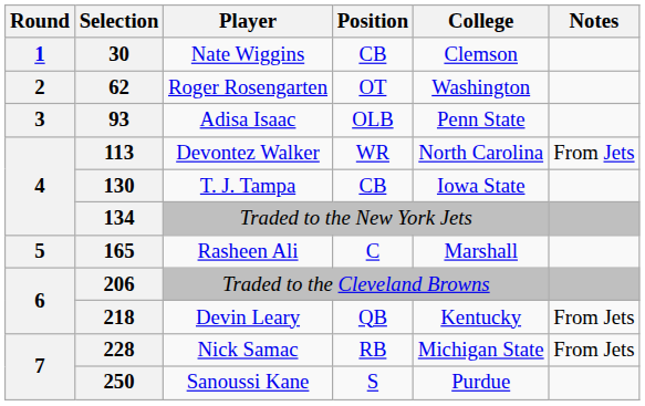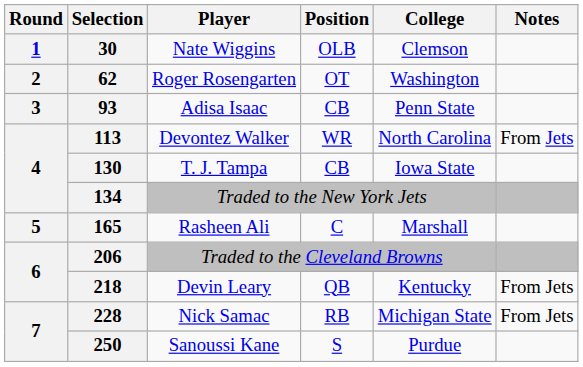 <table class="wikitable" style="text-align:center">
 <tr>
 <th>Round</th>
 <th>Selection</th>
 <th>Player</th>
 <th>Position</th>
 <th>College</th>
 <th>Notes</th>
 </tr>
 <tr>
 <th><a href='#'>1</a></th>
 <th>30</th>
 <td><a href='#'>Nate Wiggins</a></td>
-<td><a href='#'>CB</a></td>
+<td><a href='#'>OLB</a></td>
 <td><a href='#'>Clemson</a></td>
 <td></td>
 </tr>
 <tr>
 <th>2</th>
 <th>62</th>
 <td><a href='#'>Roger Rosengarten</a></td>
 <td><a href='#'>OT</a></td>
 <td><a href='#'>Washington</a></td>
 <td></td>
 </tr>
 <tr>
 <th>3</th>
 <th>93</th>
 <td><a href='#'>Adisa Isaac</a></td>
-<td><a href='#'>OLB</a></td>
+<td><a href='#'>CB</a></td>
 <td><a href='#'>Penn State</a></td>
 <td></td>
 </tr>
 <tr>
 <th rowspan="3">4</th>
 <th>113</th>
 <td><a href='#'>Devontez Walker</a></td>
 <td><a href='#'>WR</a></td>
 <td><a href='#'>North Carolina</a></td>
 <td>From <a href='#'>Jets</a></td>
 </tr>
 <tr>
 <th>130</th>
 <td><a href='#'>T. J. Tampa</a></td>
 <td><a href='#'>CB</a></td>
 <td><a href='#'>Iowa State</a></td>
 <td></td>
 </tr>
 <tr>
 <th>134</th>
 <td colspan="3" style="background:#BFBFBF"><em>Traded to the New York Jets</em></td>
 <td style="background:#BFBFBF"></td>
 </tr>
 <tr>
 <th>5</th>
 <th>165</th>
 <td><a href='#'>Rasheen Ali</a></td>
 <td><a href='#'>C</a></td>
 <td><a href='#'>Marshall</a></td>
 <td></td>
 </tr>
 <tr>
 <th rowspan="2">6</th>
 <th>206</th>
 <td colspan="3" style="background:#BFBFBF"><em>Traded to the <a href='#'>Cleveland Browns</a></em></td>
 <td style="background:#BFBFBF"></td>
 </tr>
 <tr>
 <th>218</th>
 <td><a href='#'>Devin Leary</a></td>
 <td><a href='#'>QB</a></td>
 <td><a href='#'>Kentucky</a></td>
 <td>From Jets</td>
 </tr>
 <tr>
 <th rowspan="2">7</th>
 <th>228</th>
 <td><a href='#'>Nick Samac</a></td>
 <td><a href='#'>RB</a></td>
 <td><a href='#'>Michigan State</a></td>
 <td>From Jets</td>
 </tr>
 <tr>
 <th>250</th>
 <td><a href='#'>Sanoussi Kane</a></td>
 <td><a href='#'>S</a></td>
 <td><a href='#'>Purdue</a></td>
 <td></td>
 </tr>
 </table>
